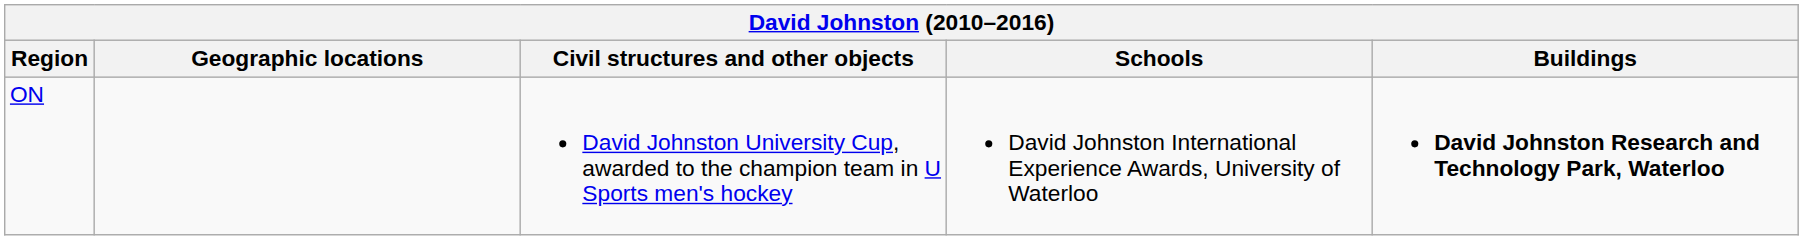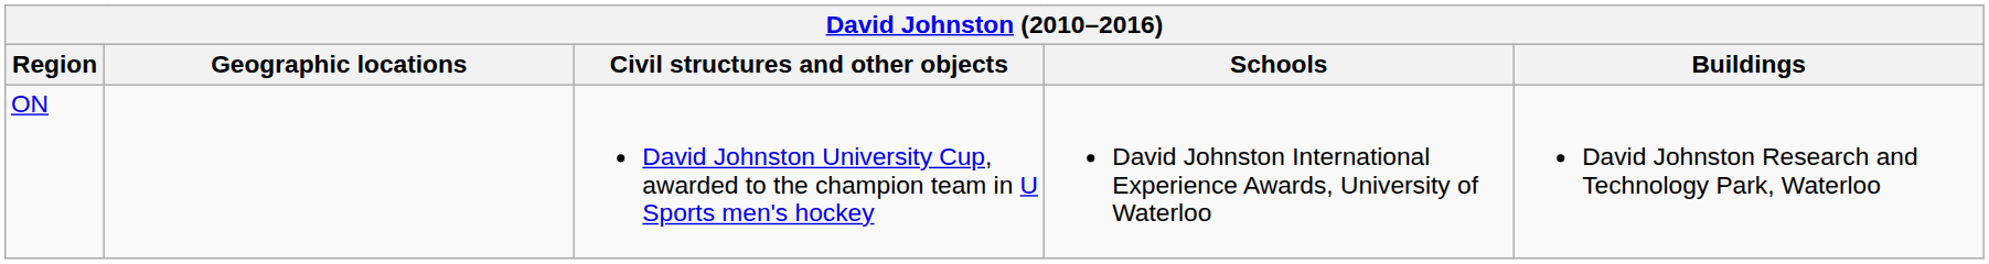 <table class="wikitable" width="100%">
 <tr>
 <th colspan="5"> <a href='#'>David Johnston</a> (2010–2016)</th>
 </tr>
 <tr>
 <th width="5%">Region</th>
 <th width="23.75%">Geographic locations</th>
 <th width="23.75%">Civil structures and other objects</th>
 <th width="23.75%">Schools</th>
 <th width="23.75%">Buildings</th>
 </tr>
 <tr>
 <td align=left valign=top> <a href='#'>ON</a></td>
 <td></td>
 <td align=left valign=top><br><ul><li><a href='#'>David Johnston University Cup</a>, awarded to the champion team in <a href='#'>U Sports men's hockey</a></li></ul></td>
 <td align=left valign=top><br><ul><li>David Johnston International Experience Awards, University of Waterloo</li></ul></td>
-<td align=left valign=top><strong><br><ul><li>David Johnston Research and Technology Park, Waterloo</li></ul></strong></td>
+<td align=left valign=top><br><ul><li>David Johnston Research and Technology Park, Waterloo</li></ul></td>
 </tr>
 </table>
